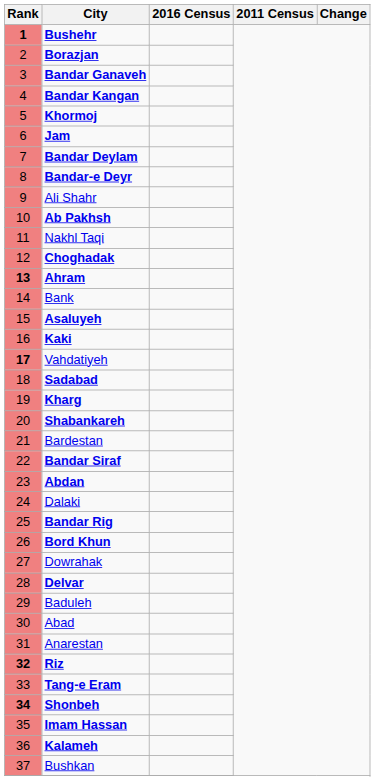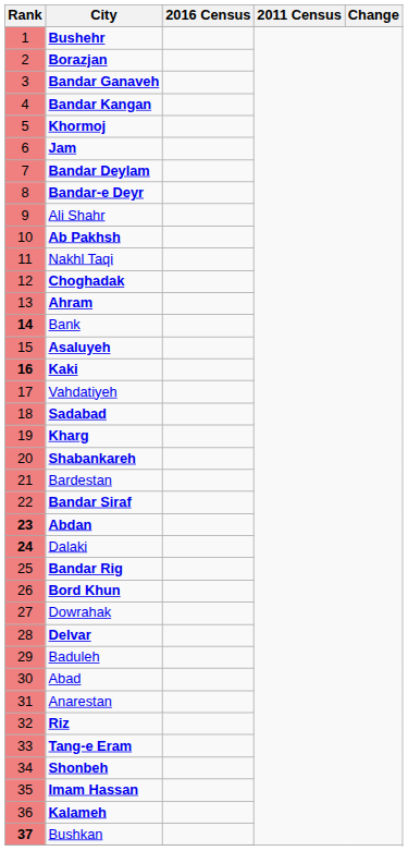 <table class="wikitable sortable">
 <tr>
 <th>Rank</th>
 <th>City</th>
 <th>2016 Census</th>
 <th>2011 Census</th>
 <th>Change</th>
 </tr>
 <tr>
-<td align=center bgcolor="F08080"><strong>1</strong></td>
+<td align=center bgcolor="F08080">1</td>
 <td><strong><a href='#'>Bushehr</a></strong></td>
 <td></td>
 </tr>
 <tr>
 <td align=center bgcolor="F08080">2</td>
 <td><strong><a href='#'>Borazjan</a></strong></td>
 <td></td>
 </tr>
 <tr>
 <td align=center bgcolor="F08080">3</td>
 <td><strong><a href='#'>Bandar Ganaveh</a></strong></td>
 <td></td>
 </tr>
 <tr>
 <td align="center" bgcolor="F08080">4</td>
 <td><strong><a href='#'>Bandar Kangan</a></strong></td>
 <td></td>
 </tr>
 <tr>
 <td align=center bgcolor="F08080">5</td>
 <td><strong><a href='#'>Khormoj</a></strong></td>
 <td></td>
 </tr>
 <tr>
 <td align=center bgcolor="F08080">6</td>
 <td><strong><a href='#'>Jam</a></strong></td>
 <td></td>
 </tr>
 <tr>
 <td align=center bgcolor="F08080">7</td>
 <td><strong><a href='#'>Bandar Deylam</a></strong></td>
 <td></td>
 </tr>
 <tr>
 <td align=center bgcolor="F08080">8</td>
 <td><strong><a href='#'>Bandar-e Deyr</a></strong></td>
 <td></td>
 </tr>
 <tr>
 <td align=center bgcolor="F08080">9</td>
 <td><a href='#'>Ali Shahr</a></td>
 <td></td>
 </tr>
 <tr>
 <td align="center" bgcolor="F08080">10</td>
 <td><strong><a href='#'>Ab Pakhsh</a></strong></td>
 <td></td>
 </tr>
 <tr>
 <td align="center" bgcolor="F08080">11</td>
 <td><a href='#'>Nakhl Taqi</a></td>
 <td></td>
 </tr>
 <tr>
 <td align=center bgcolor="F08080">12</td>
 <td><strong><a href='#'>Choghadak</a></strong></td>
 <td></td>
 </tr>
 <tr>
-<td align=center bgcolor="F08080"><strong>13</strong></td>
+<td align=center bgcolor="F08080">13</td>
 <td><strong><a href='#'>Ahram</a></strong></td>
 <td></td>
 </tr>
 <tr>
-<td align="center" bgcolor="F08080">14</td>
+<td align="center" bgcolor="F08080"><strong>14</strong></td>
 <td><a href='#'>Bank</a></td>
 <td></td>
 </tr>
 <tr>
 <td align="center" bgcolor="F08080">15</td>
 <td><strong><a href='#'>Asaluyeh</a></strong></td>
 <td></td>
 </tr>
 <tr>
-<td align="center" bgcolor="F08080">16</td>
+<td align="center" bgcolor="F08080"><strong>16</strong></td>
 <td><strong><a href='#'>Kaki</a></strong></td>
 <td></td>
 </tr>
 <tr>
-<td align=center bgcolor="F08080"><strong>17</strong></td>
+<td align=center bgcolor="F08080">17</td>
 <td><a href='#'>Vahdatiyeh</a></td>
 <td></td>
 </tr>
 <tr>
 <td align=center bgcolor="F08080">18</td>
 <td><strong><a href='#'>Sadabad</a></strong></td>
 <td></td>
 </tr>
 <tr>
 <td align="center" bgcolor="F08080">19</td>
 <td><strong><a href='#'>Kharg</a></strong></td>
 <td></td>
 </tr>
 <tr>
 <td align=center bgcolor="F08080">20</td>
 <td><strong><a href='#'>Shabankareh</a></strong></td>
 <td></td>
 </tr>
 <tr>
 <td align="center" bgcolor="F08080">21</td>
 <td><a href='#'>Bardestan</a></td>
 <td></td>
 </tr>
 <tr>
 <td align="center" bgcolor="F08080">22</td>
 <td><strong><a href='#'>Bandar Siraf</a></strong></td>
 <td></td>
 </tr>
 <tr>
-<td align=center bgcolor="F08080">23</td>
+<td align=center bgcolor="F08080"><strong>23</strong></td>
 <td><strong><a href='#'>Abdan</a></strong></td>
 <td></td>
 </tr>
 <tr>
-<td align="center" bgcolor="F08080">24</td>
+<td align="center" bgcolor="F08080"><strong>24</strong></td>
 <td><a href='#'>Dalaki</a></td>
 <td></td>
 </tr>
 <tr>
 <td align=center bgcolor="F08080">25</td>
 <td><strong><a href='#'>Bandar Rig</a></strong></td>
 <td></td>
 </tr>
 <tr>
 <td align=center bgcolor="F08080">26</td>
 <td><strong><a href='#'>Bord Khun</a></strong></td>
 <td></td>
 </tr>
 <tr>
 <td align="center" bgcolor="F08080">27</td>
 <td><a href='#'>Dowrahak</a></td>
 <td></td>
 </tr>
 <tr>
 <td align=center bgcolor="F08080">28</td>
 <td><strong><a href='#'>Delvar</a></strong></td>
 <td></td>
 </tr>
 <tr>
 <td align=center bgcolor="F08080">29</td>
 <td><a href='#'>Baduleh</a></td>
 <td></td>
 </tr>
 <tr>
 <td align="center" bgcolor="F08080">30</td>
 <td><a href='#'>Abad</a></td>
 <td></td>
 </tr>
 <tr>
 <td align="center" bgcolor="F08080">31</td>
 <td><a href='#'>Anarestan</a></td>
 <td></td>
 </tr>
 <tr>
-<td align="center" bgcolor="F08080"><strong>32</strong></td>
+<td align="center" bgcolor="F08080">32</td>
 <td><strong><a href='#'>Riz</a></strong></td>
 <td></td>
 </tr>
 <tr>
 <td align=center bgcolor="F08080">33</td>
 <td><strong><a href='#'>Tang-e Eram</a></strong></td>
 <td></td>
 </tr>
 <tr>
-<td align=center bgcolor="F08080"><strong>34</strong></td>
+<td align=center bgcolor="F08080">34</td>
 <td><strong><a href='#'>Shonbeh</a></strong></td>
 <td></td>
 </tr>
 <tr>
 <td align=center bgcolor="F08080">35</td>
 <td><strong><a href='#'>Imam Hassan</a></strong></td>
 <td></td>
 </tr>
 <tr>
 <td align=center bgcolor="F08080">36</td>
 <td><strong><a href='#'>Kalameh</a></strong></td>
 <td></td>
 </tr>
 <tr>
-<td align=center bgcolor="F08080">37</td>
+<td align=center bgcolor="F08080"><strong>37</strong></td>
 <td><a href='#'>Bushkan</a></td>
 <td></td>
 </tr>
 <tr>
 </tr>
 </table>
